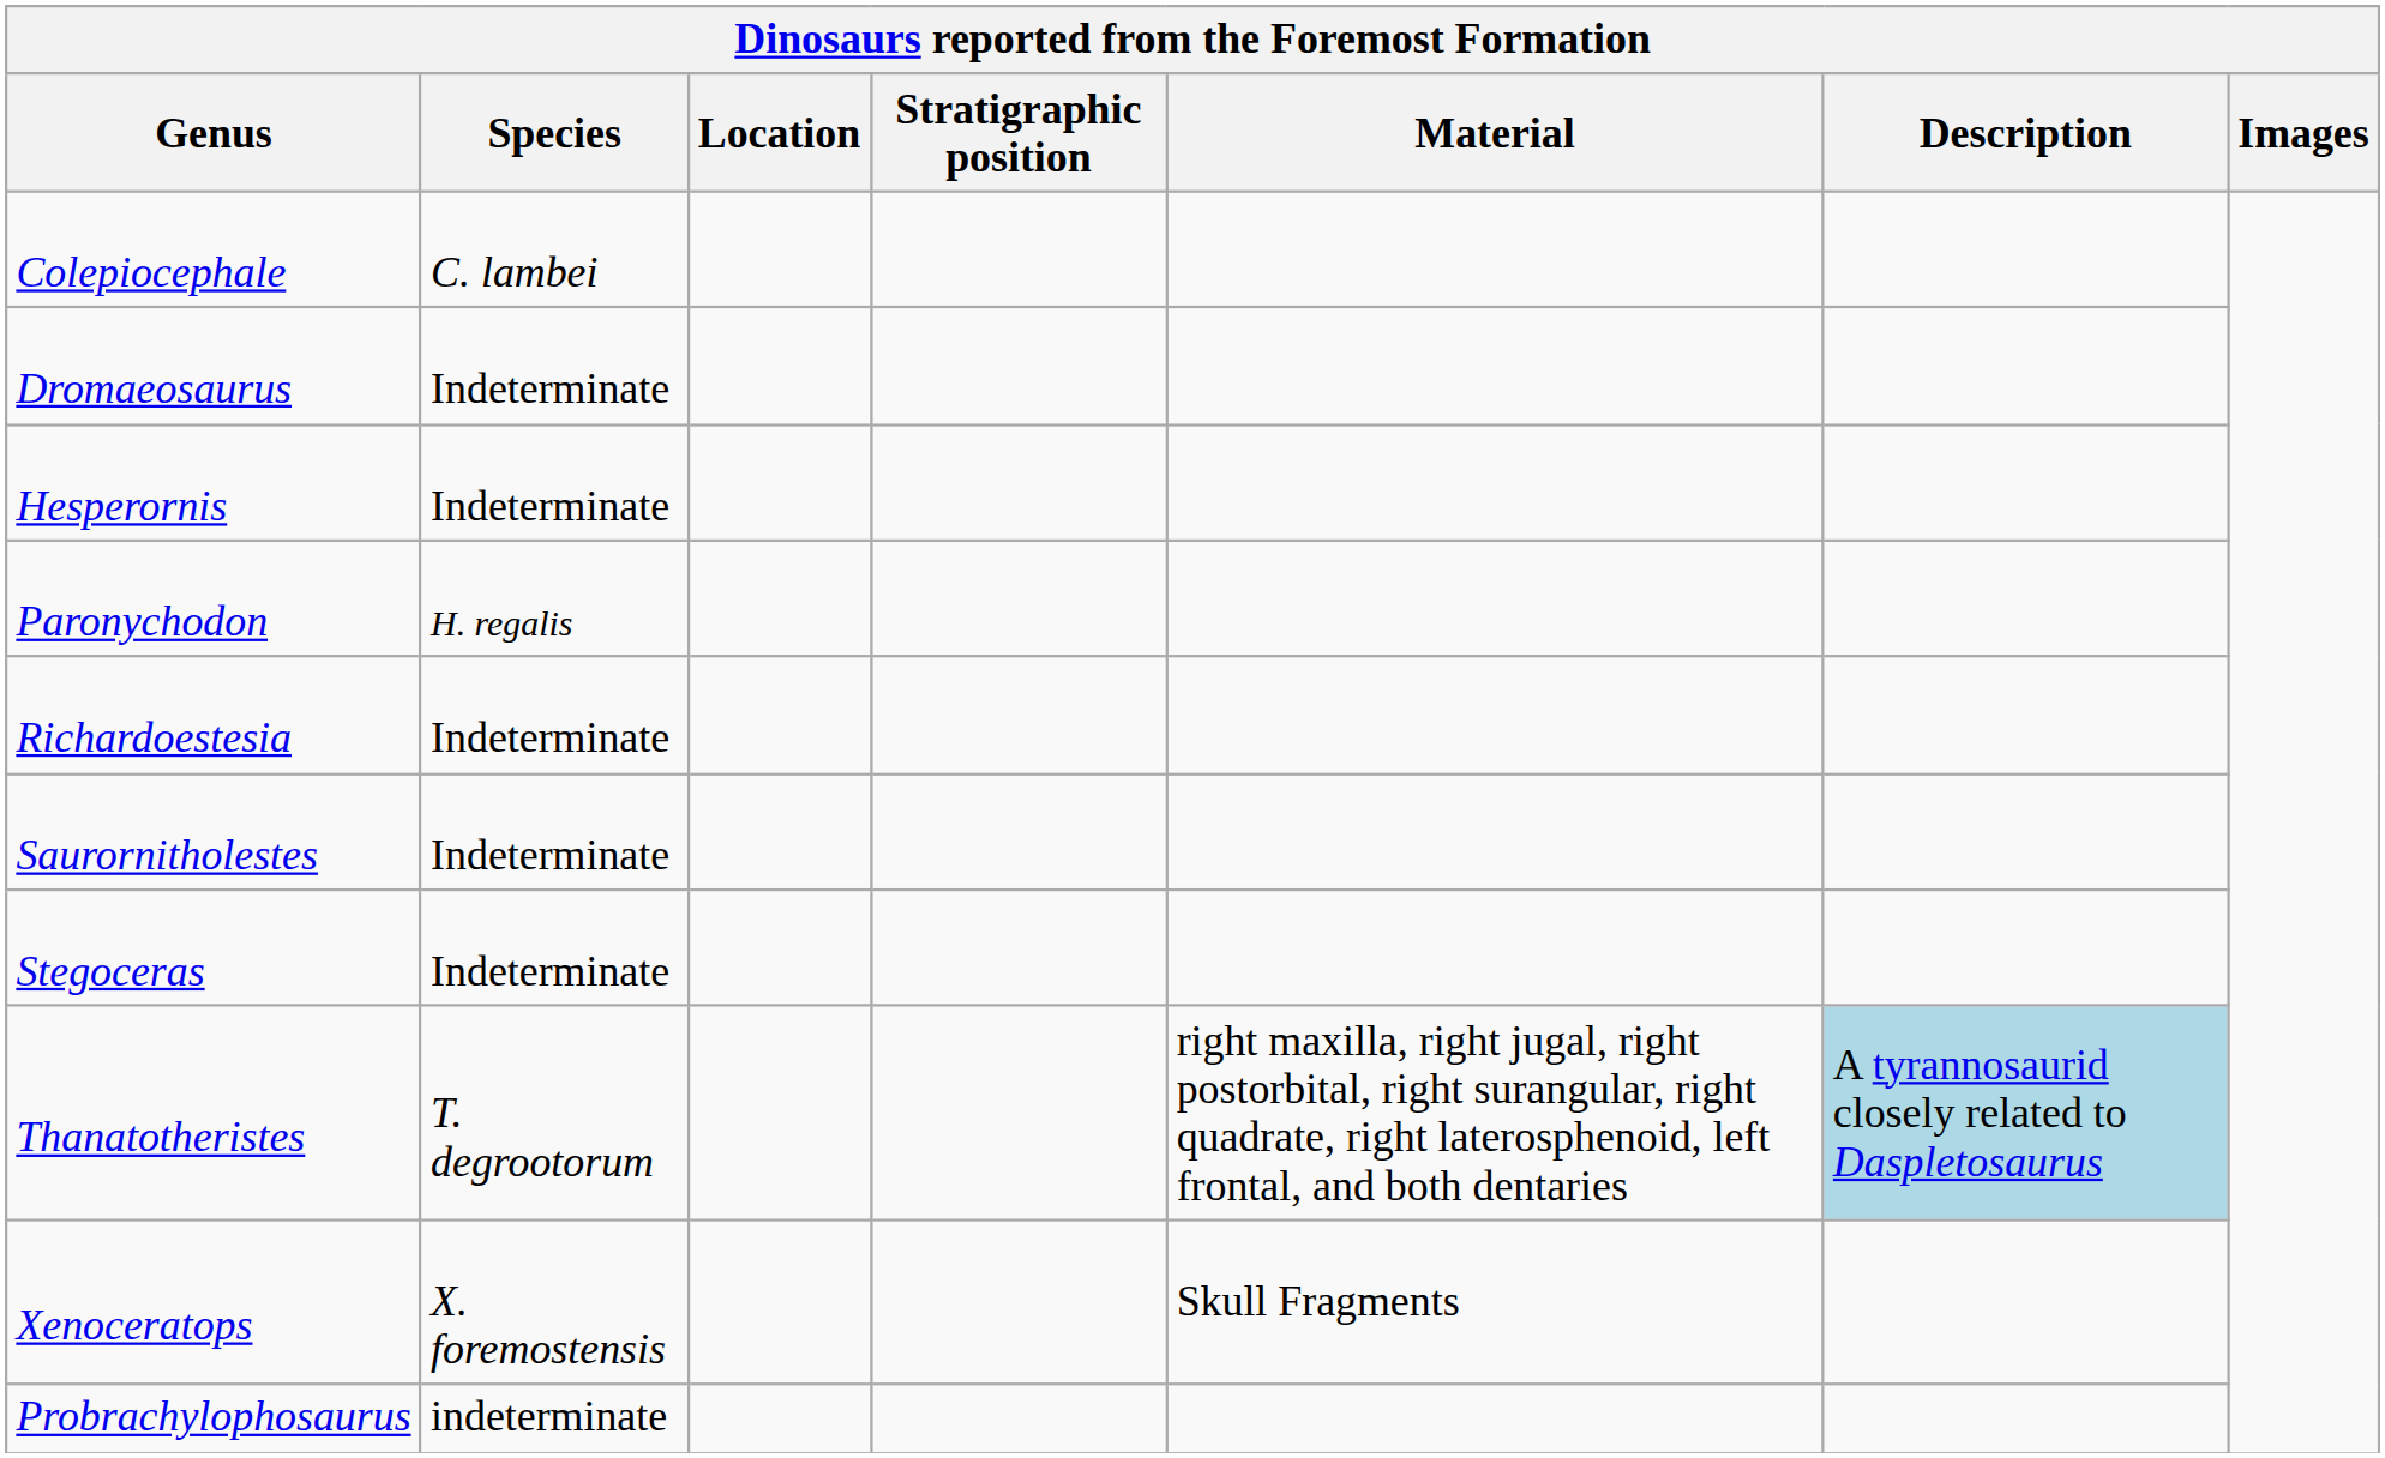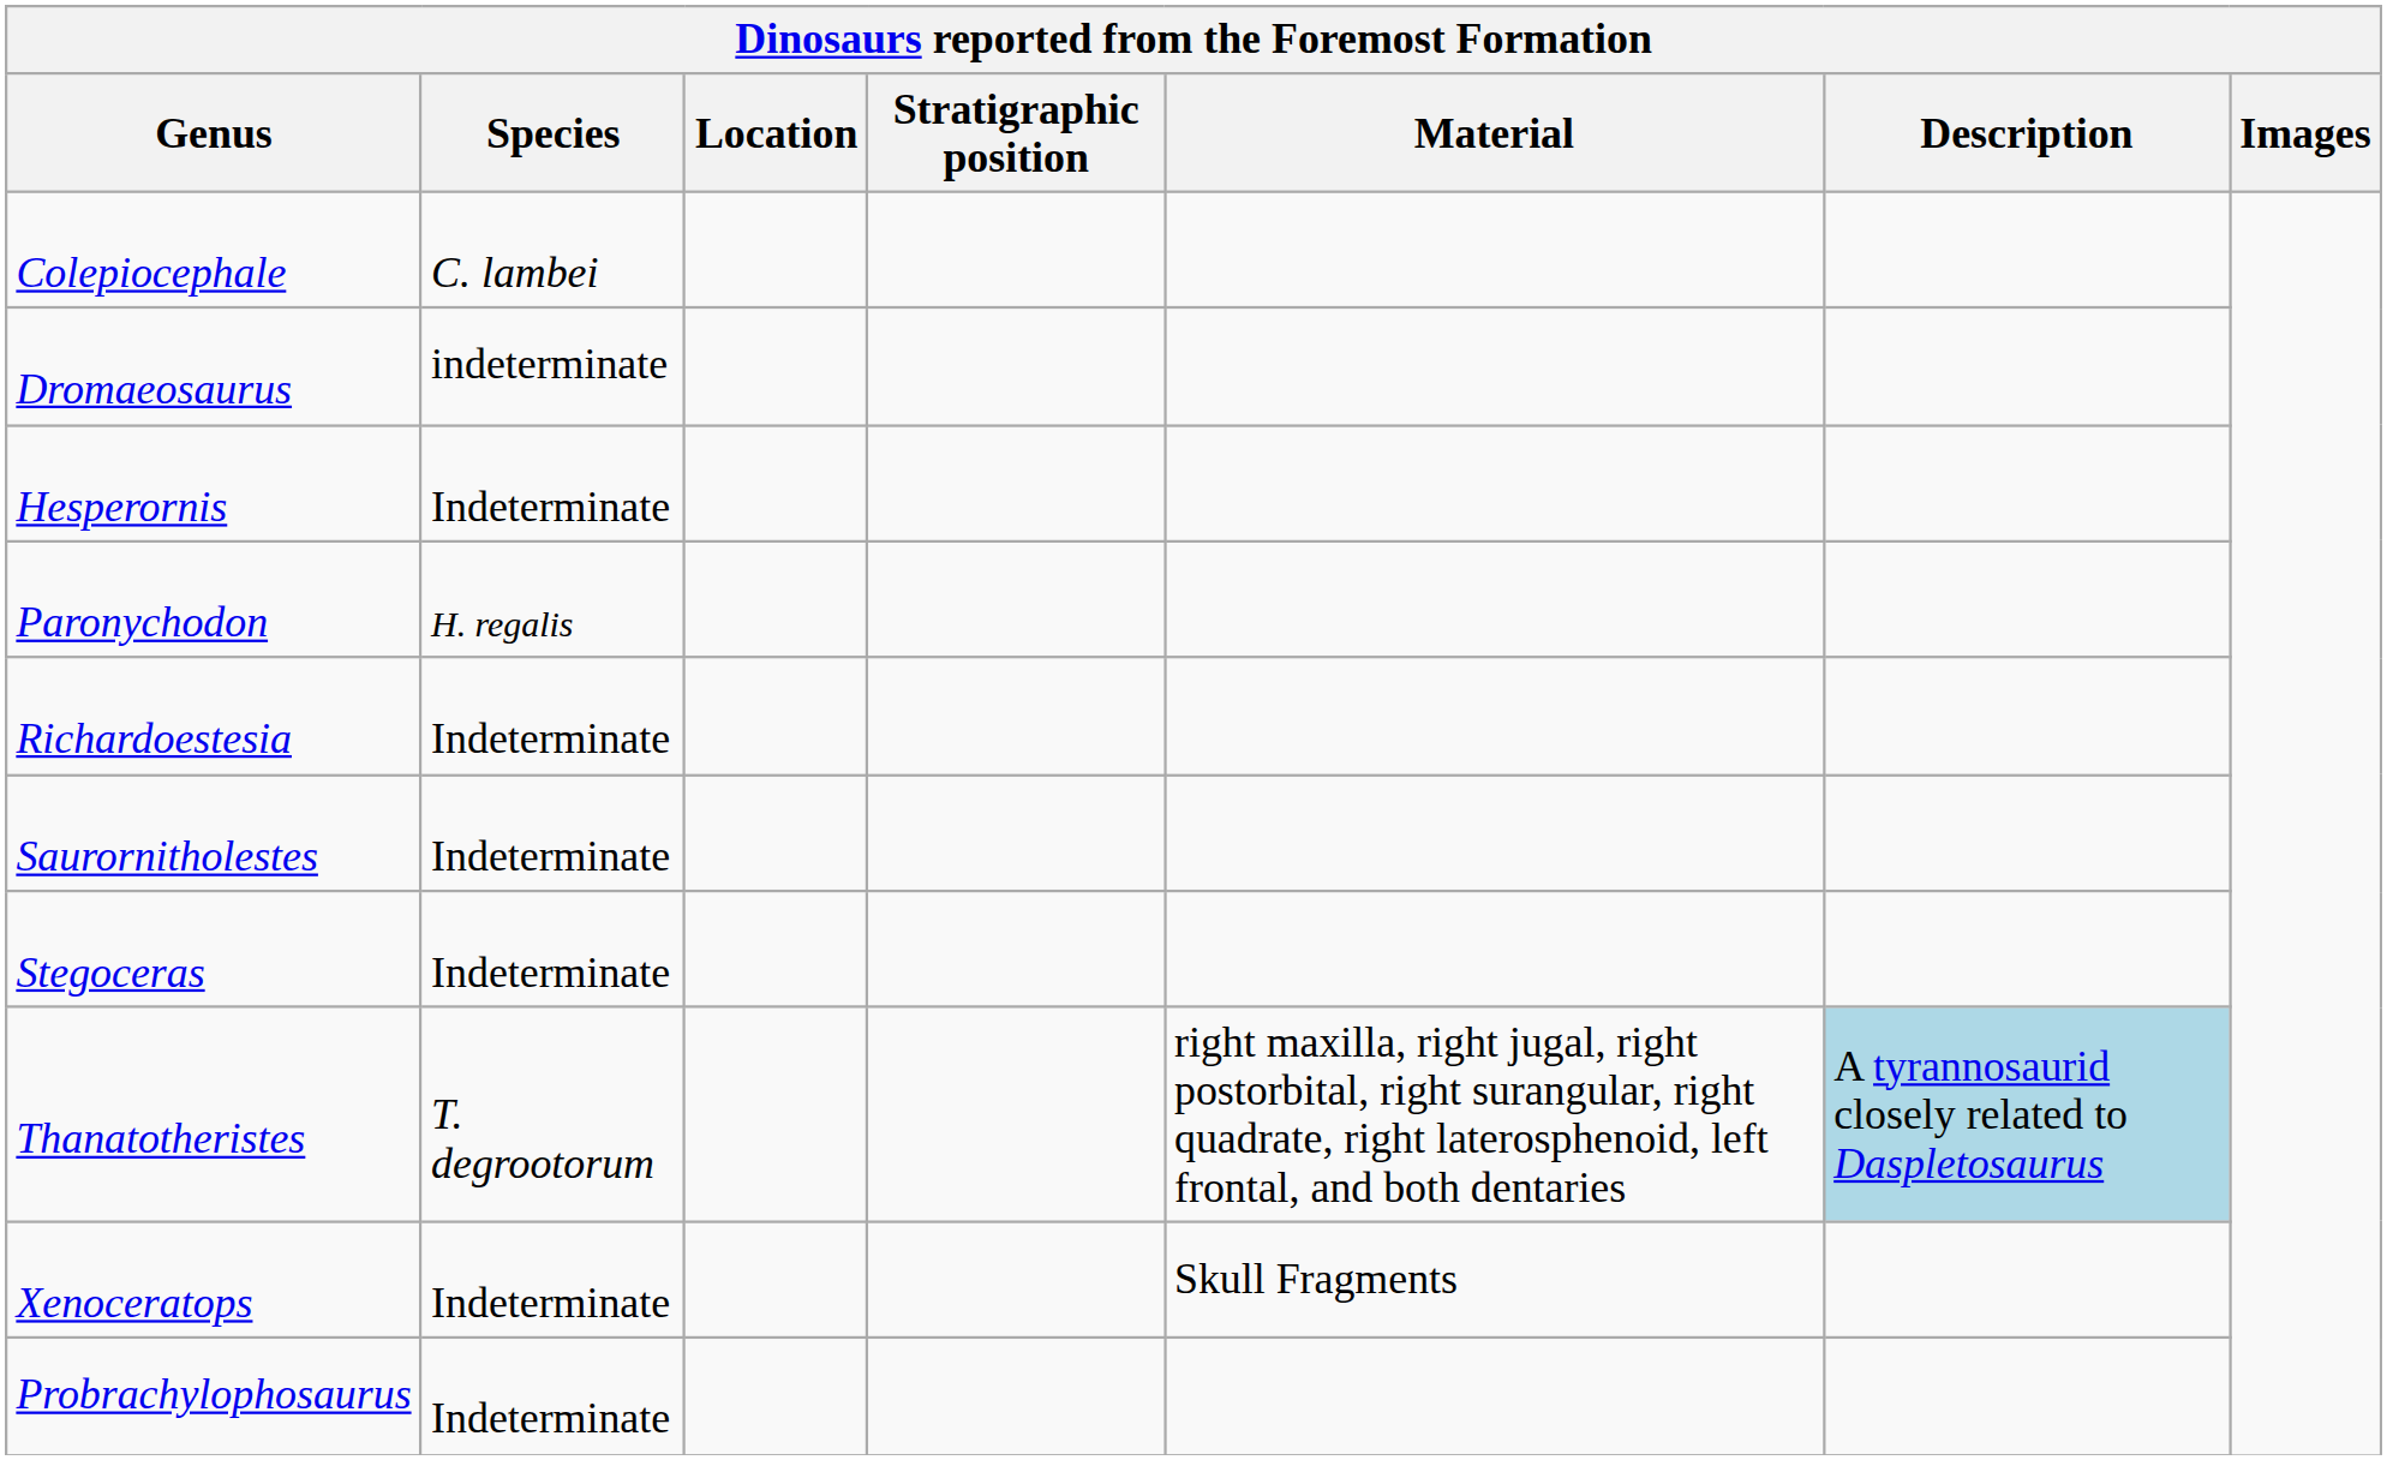 <table class="wikitable" align="center" width="100%">
 <tr>
 <th colspan="7" align="center"><strong><a href='#'>Dinosaurs</a> reported from the Foremost Formation</strong></th>
 </tr>
 <tr>
 <th>Genus</th>
 <th>Species</th>
 <th>Location</th>
 <th>Stratigraphic position</th>
 <th>Material</th>
 <th>Description</th>
 <th>Images</th>
 </tr>
 <tr>
 <td><br><em><a href='#'>Colepiocephale</a></em></td>
 <td><br><em>C. lambei</em></td>
 <td></td>
 <td></td>
 <td></td>
 <td></td>
 <td rowspan="100"><br>        </td>
 </tr>
 <tr>
 <td><br><em><a href='#'>Dromaeosaurus</a></em></td>
-<td><br>Indeterminate</td>
+<td>indeterminate</td>
 <td></td>
 <td></td>
 <td></td>
 <td></td>
 </tr>
 <tr>
 <td><br><em><a href='#'>Hesperornis</a></em></td>
 <td><br>Indeterminate</td>
 <td></td>
 <td></td>
 <td></td>
 <td></td>
 </tr>
 <tr>
 <td><br><em><a href='#'>Paronychodon</a></em></td>
 <td><br><small><em>H. regalis</em></small></td>
 <td></td>
 <td></td>
 <td></td>
 <td></td>
 </tr>
 <tr>
 <td><br><em><a href='#'>Richardoestesia</a></em></td>
 <td><br>Indeterminate</td>
 <td></td>
 <td></td>
 <td></td>
 <td></td>
 </tr>
 <tr>
 <td><br><em><a href='#'>Saurornitholestes</a></em></td>
 <td><br>Indeterminate</td>
 <td></td>
 <td></td>
 <td></td>
 <td></td>
 </tr>
 <tr>
 <td><br><em><a href='#'>Stegoceras</a></em></td>
 <td><br>Indeterminate</td>
 <td></td>
 <td></td>
 <td></td>
 <td></td>
 </tr>
 <tr>
 <td><br><em><a href='#'>Thanatotheristes</a></em></td>
 <td><br><em>T. degrootorum</em></td>
 <td></td>
 <td></td>
 <td>right maxilla, right jugal, right postorbital, right surangular, right quadrate, right laterosphenoid, left frontal, and both dentaries</td>
 <td style="background: lightblue;">A <a href='#'>tyrannosaurid</a> closely related to <em><a href='#'>Daspletosaurus</a></em></td>
 </tr>
 <tr>
 <td><br><em><a href='#'>Xenoceratops</a></em></td>
-<td><br><em>X. foremostensis</em></td>
+<td><br>Indeterminate</td>
 <td></td>
 <td></td>
 <td>Skull Fragments</td>
 <td></td>
 </tr>
 <tr>
 <td><em><a href='#'>Probrachylophosaurus</a></em></td>
-<td>indeterminate</td>
+<td><br>Indeterminate</td>
 <td></td>
 <td></td>
 <td></td>
 <td></td>
 </tr>
 <tr>
 </tr>
 </table>
